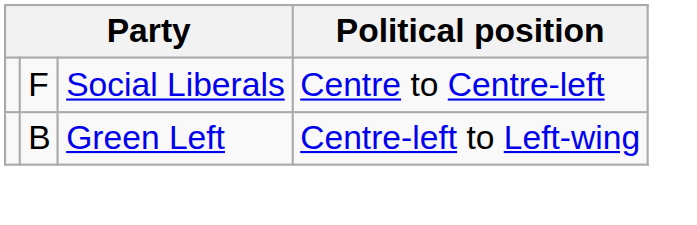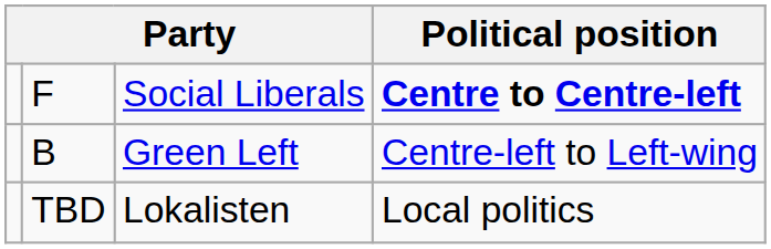 <table class="wikitable">
 <tr>
 <th colspan="3">Party</th>
 <th>Political position</th>
 </tr>
 <tr>
 <td></td>
 <td>F</td>
 <td><a href='#'>Social Liberals</a></td>
-<td><a href='#'>Centre</a> to <a href='#'>Centre-left</a></td>
+<td><strong><a href='#'>Centre</a> to <a href='#'>Centre-left</a></strong></td>
 </tr>
 <tr>
 <td></td>
 <td>B</td>
 <td><a href='#'>Green Left</a></td>
 <td><a href='#'>Centre-left</a> to <a href='#'>Left-wing</a></td>
 </tr>
+<tr>
+<td></td>
+<td>TBD</td>
+<td>Lokalisten</td>
+<td>Local politics</td>
+</tr>
 </table>
